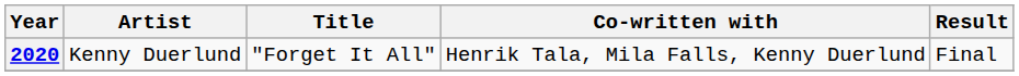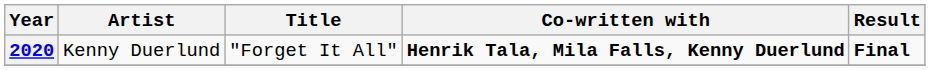 <table class="wikitable plainrowheaders">
 <tr>
 <th scope="col">Year</th>
 <th scope="col">Artist</th>
 <th scope="col">Title</th>
 <th scope="col">Co-written with</th>
 <th scope="col">Result</th>
 </tr>
 <tr>
 <th scope="row"><a href='#'>2020</a></th>
 <td>Kenny Duerlund</td>
 <td>"Forget It All"</td>
-<td>Henrik Tala, Mila Falls, Kenny Duerlund</td>
-<td>Final</td>
+<td><strong>Henrik Tala, Mila Falls, Kenny Duerlund</strong></td>
+<td><strong>Final</strong></td>
 </tr>
 <tr>
 </tr>
 </table>
